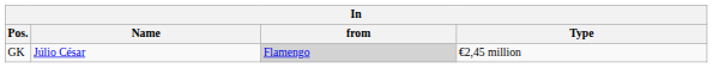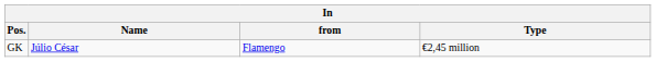 <table class="wikitable" style="font-size:90%;width:99%;">
 <tr>
 <th colspan="4">In</th>
 </tr>
 <tr>
 <th width=3%>Pos.</th>
 <th width=33%>Name</th>
 <th width=28%>from</th>
 <th width=36%>Type</th>
 </tr>
 <tr>
 <td>GK</td>
 <td><a href='#'>Júlio César</a></td>
-<td style="background: lightgrey;"><a href='#'>Flamengo</a></td>
+<td><a href='#'>Flamengo</a></td>
 <td>€2,45 million</td>
 </tr>
 </table>
